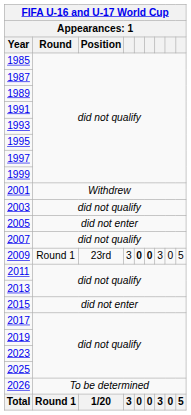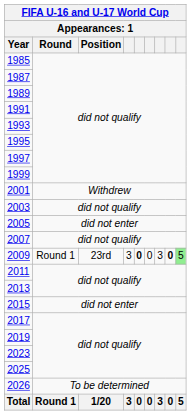 <table class="wikitable" style="text-align: center;">
 <tr>
 <th colspan=9><a href='#'>FIFA U-16 and U-17 World Cup</a></th>
 </tr>
 <tr>
 <th colspan=9>Appearances: 1</th>
 </tr>
 <tr>
 <th>Year</th>
 <th>Round</th>
 <th>Position</th>
 <th></th>
 <th></th>
 <th></th>
 <th></th>
 <th></th>
 <th></th>
 </tr>
 <tr>
 <td> <a href='#'>1985</a></td>
 <td rowspan=8 colspan=8><em>did not qualify</em></td>
 </tr>
 <tr>
 <td> <a href='#'>1987</a></td>
 </tr>
 <tr>
 <td> <a href='#'>1989</a></td>
 </tr>
 <tr>
 <td> <a href='#'>1991</a></td>
 </tr>
 <tr>
 <td> <a href='#'>1993</a></td>
 </tr>
 <tr>
 <td> <a href='#'>1995</a></td>
 </tr>
 <tr>
 <td> <a href='#'>1997</a></td>
 </tr>
 <tr>
 <td> <a href='#'>1999</a></td>
 </tr>
 <tr>
 <td> <a href='#'>2001</a></td>
 <td rowspan=1 colspan=8><em>Withdrew</em></td>
 </tr>
 <tr>
 <td> <a href='#'>2003</a></td>
 <td rowspan=1 colspan=8><em>did not qualify</em></td>
 </tr>
 <tr>
 <td> <a href='#'>2005</a></td>
 <td rowspan=1 colspan=8><em>did not enter</em></td>
 </tr>
 <tr>
 <td> <a href='#'>2007</a></td>
 <td rowspan=1 colspan=8><em>did not qualify</em></td>
 </tr>
 <tr>
 <td> <a href='#'>2009</a></td>
 <td>Round 1</td>
 <td>23rd</td>
 <td>3</td>
 <td><strong>0</strong></td>
+<td>0</td>
+<td>3</td>
 <td><strong>0</strong></td>
-<td>3</td>
-<td>0</td>
-<td>5</td>
+<td style="background: lightgreen;">5</td>
 </tr>
 <tr>
 <td> <a href='#'>2011</a></td>
 <td rowspan=2 colspan=8><em>did not qualify</em></td>
 </tr>
 <tr>
 <td> <a href='#'>2013</a></td>
 </tr>
 <tr>
 <td> <a href='#'>2015</a></td>
 <td colspan=8><em>did not enter</em></td>
 </tr>
 <tr>
 <td> <a href='#'>2017</a></td>
 <td rowspan=4 colspan=8><em>did not qualify</em></td>
 </tr>
 <tr>
 <td> <a href='#'>2019</a></td>
 </tr>
 <tr>
 <td> <a href='#'>2023</a></td>
 </tr>
 <tr>
 <td> <a href='#'>2025</a></td>
 </tr>
 <tr>
 <td> <a href='#'>2026</a></td>
 <td colspan=8><em>To be determined</em></td>
 </tr>
 <tr>
 <th>Total</th>
 <th>Round 1</th>
 <th>1/20</th>
 <th>3</th>
 <th>0</th>
 <th>0</th>
 <th>3</th>
 <th>0</th>
 <th>5</th>
 </tr>
 </table>
